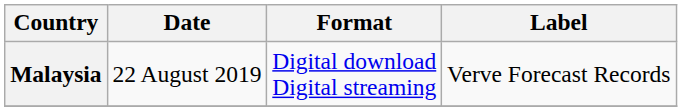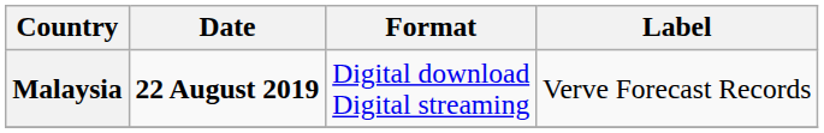 <table class="wikitable plainrowheaders">
 <tr>
 <th>Country</th>
 <th>Date</th>
 <th>Format</th>
 <th>Label</th>
 </tr>
 <tr>
 <th scope="row">Malaysia</th>
-<td>22 August 2019</td>
+<td><strong>22 August 2019</strong></td>
 <td><a href='#'>Digital download</a><br><a href='#'>Digital streaming</a></td>
 <td>Verve Forecast Records</td>
 </tr>
 <tr>
 </tr>
 </table>
